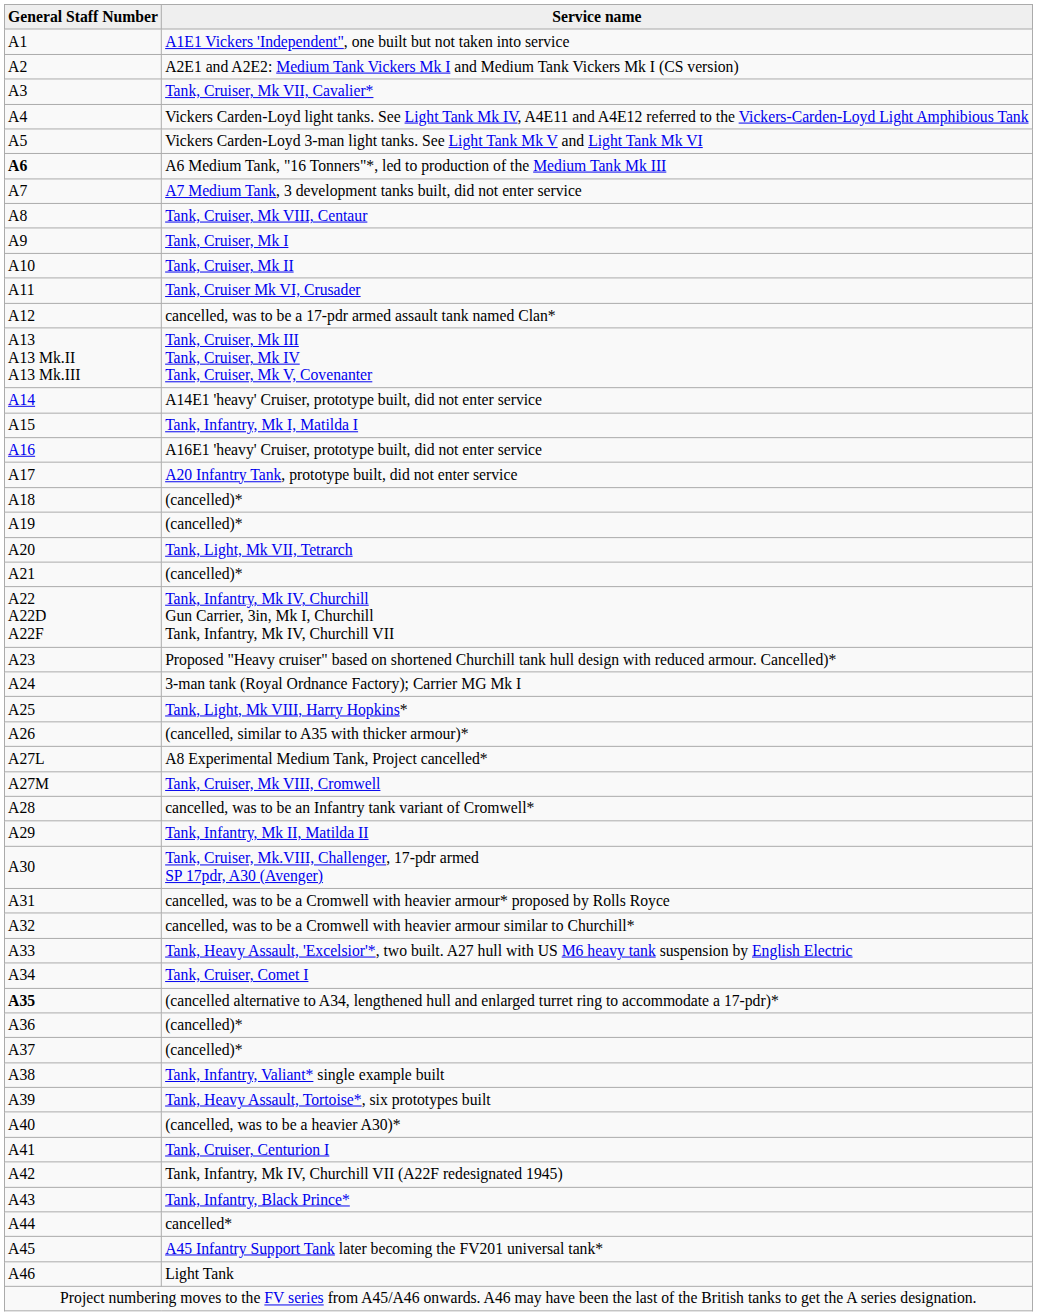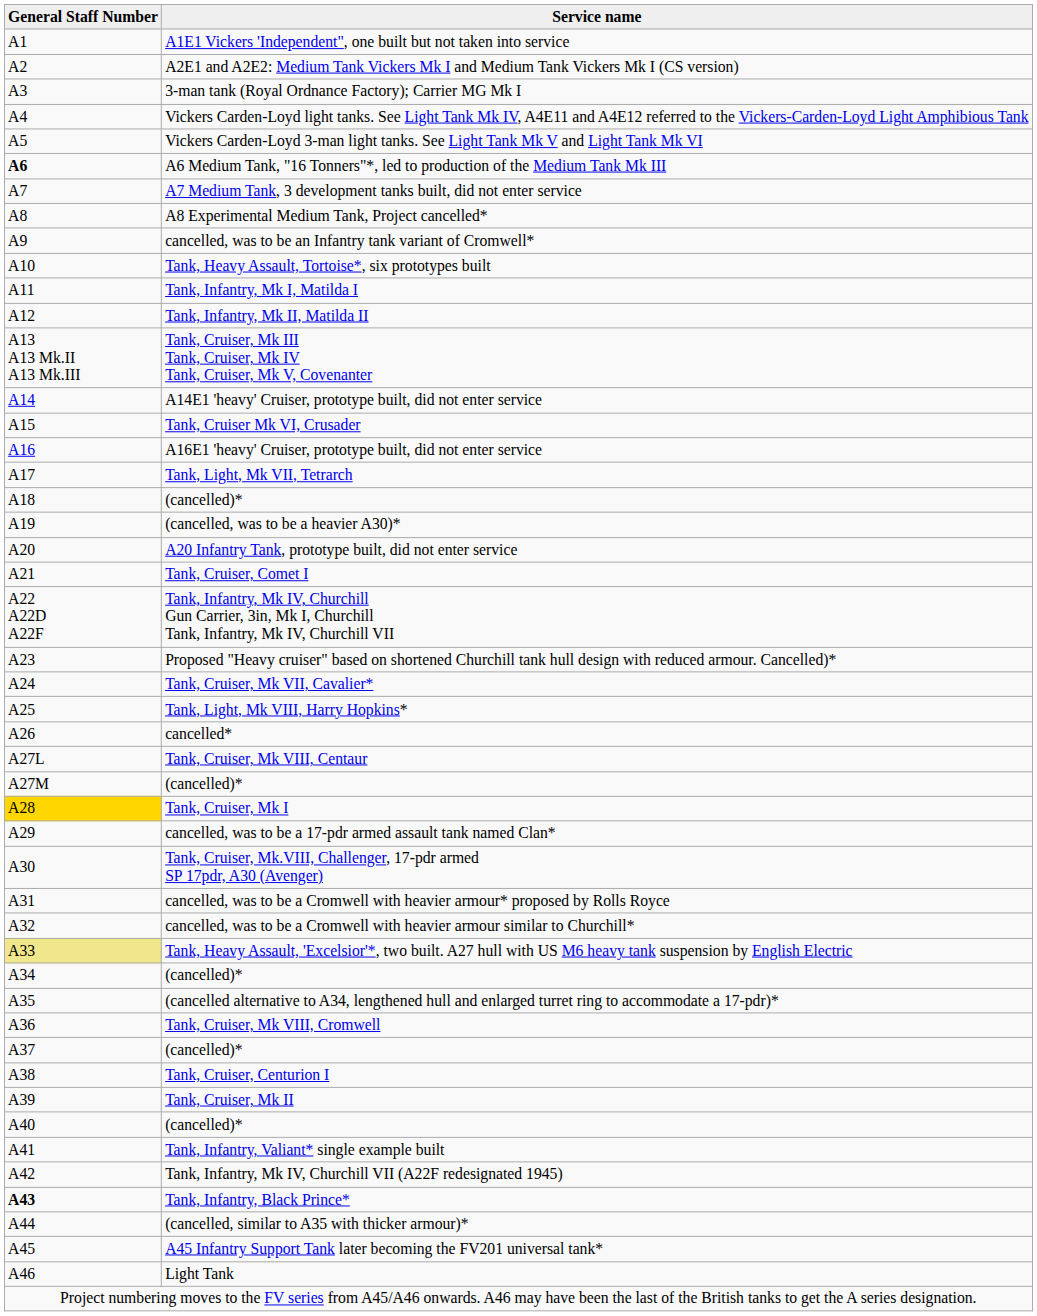 <table class="wikitable">
 <tr>
 <th style="background:#efefef;">General Staff Number</th>
 <th style="background:#efefef;">Service name</th>
 </tr>
 <tr>
 <td>A1</td>
 <td><a href='#'>A1E1 Vickers 'Independent"</a>, one built but not taken into service</td>
 </tr>
 <tr>
 <td>A2</td>
 <td>A2E1 and A2E2: <a href='#'>Medium Tank Vickers Mk I</a> and Medium Tank Vickers Mk I (CS version)</td>
 </tr>
 <tr>
 <td>A3</td>
-<td><a href='#'>Tank, Cruiser, Mk VII, Cavalier*</a></td>
+<td>3-man tank (Royal Ordnance Factory); Carrier MG Mk I</td>
 </tr>
 <tr>
 <td>A4</td>
 <td>Vickers Carden-Loyd light tanks.  See <a href='#'>Light Tank Mk IV</a>, A4E11 and A4E12 referred to the <a href='#'>Vickers-Carden-Loyd Light Amphibious Tank</a></td>
 </tr>
 <tr>
 <td>A5</td>
 <td>Vickers Carden-Loyd 3-man light tanks.  See <a href='#'>Light Tank Mk V</a> and <a href='#'>Light Tank Mk VI</a></td>
 </tr>
 <tr>
 <td><strong>A6</strong></td>
 <td>A6 Medium Tank, "16 Tonners"*, led to production of the <a href='#'>Medium Tank Mk III</a></td>
 </tr>
 <tr>
 <td>A7</td>
 <td><a href='#'>A7 Medium Tank</a>, 3 development tanks built, did not enter service</td>
 </tr>
 <tr>
 <td>A8</td>
-<td><a href='#'>Tank, Cruiser, Mk VIII, Centaur</a></td>
+<td>A8 Experimental Medium Tank, Project cancelled*</td>
 </tr>
 <tr>
 <td>A9</td>
-<td><a href='#'>Tank, Cruiser, Mk I</a></td>
+<td>cancelled, was to be an Infantry tank variant of Cromwell*</td>
 </tr>
 <tr>
 <td>A10</td>
-<td><a href='#'>Tank, Cruiser, Mk II</a></td>
+<td><a href='#'>Tank, Heavy Assault, Tortoise*</a>, six prototypes built</td>
 </tr>
 <tr>
 <td>A11</td>
-<td><a href='#'>Tank, Cruiser Mk VI, Crusader</a></td>
+<td><a href='#'>Tank, Infantry, Mk I, Matilda I</a></td>
 </tr>
 <tr>
 <td>A12</td>
-<td>cancelled, was to be a 17-pdr armed assault tank named Clan*</td>
+<td><a href='#'>Tank, Infantry, Mk II, Matilda II</a></td>
 </tr>
 <tr>
 <td>A13 <br> A13 Mk.II <br> A13 Mk.III</td>
 <td><a href='#'>Tank, Cruiser, Mk III</a> <br> <a href='#'>Tank, Cruiser, Mk IV</a><br><a href='#'>Tank, Cruiser, Mk V, Covenanter</a></td>
 </tr>
 <tr>
 <td><a href='#'>A14</a></td>
 <td>A14E1 'heavy' Cruiser, prototype built, did not enter service</td>
 </tr>
 <tr>
 <td>A15</td>
-<td><a href='#'>Tank, Infantry, Mk I, Matilda I</a></td>
+<td><a href='#'>Tank, Cruiser Mk VI, Crusader</a></td>
 </tr>
 <tr>
 <td><a href='#'>A16</a></td>
 <td>A16E1 'heavy' Cruiser, prototype built, did not enter service</td>
 </tr>
 <tr>
 <td>A17</td>
-<td><a href='#'>A20 Infantry Tank</a>, prototype built, did not enter service</td>
+<td><a href='#'>Tank, Light, Mk VII, Tetrarch</a></td>
 </tr>
 <tr>
 <td>A18</td>
 <td>(cancelled)*</td>
 </tr>
 <tr>
 <td>A19</td>
-<td>(cancelled)*</td>
+<td>(cancelled, was to be a heavier A30)*</td>
 </tr>
 <tr>
 <td>A20</td>
-<td><a href='#'>Tank, Light, Mk VII, Tetrarch</a></td>
+<td><a href='#'>A20 Infantry Tank</a>, prototype built, did not enter service</td>
 </tr>
 <tr>
 <td>A21</td>
-<td>(cancelled)*</td>
+<td><a href='#'>Tank, Cruiser, Comet I</a></td>
 </tr>
 <tr>
 <td>A22<br>A22D<br> A22F</td>
 <td><a href='#'>Tank, Infantry, Mk IV, Churchill</a><br>Gun Carrier, 3in, Mk I, Churchill<br> Tank, Infantry, Mk IV, Churchill VII</td>
 </tr>
 <tr>
 <td>A23</td>
 <td>Proposed "Heavy cruiser" based on shortened Churchill tank hull design with reduced armour.  Cancelled)*</td>
 </tr>
 <tr>
 <td>A24</td>
-<td>3-man tank (Royal Ordnance Factory); Carrier MG Mk I</td>
+<td><a href='#'>Tank, Cruiser, Mk VII, Cavalier*</a></td>
 </tr>
 <tr>
 <td>A25</td>
 <td><a href='#'>Tank, Light, Mk VIII, Harry Hopkins</a>*</td>
 </tr>
 <tr>
 <td>A26</td>
-<td>(cancelled, similar to A35 with thicker armour)*</td>
+<td>cancelled*</td>
 </tr>
 <tr>
 <td>A27L</td>
-<td>A8 Experimental Medium Tank, Project cancelled*</td>
+<td><a href='#'>Tank, Cruiser, Mk VIII, Centaur</a></td>
 </tr>
 <tr>
 <td>A27M</td>
-<td><a href='#'>Tank, Cruiser, Mk VIII, Cromwell</a></td>
+<td>(cancelled)*</td>
 </tr>
 <tr>
-<td>A28</td>
-<td>cancelled, was to be an Infantry tank variant of Cromwell*</td>
+<td style="background: gold;">A28</td>
+<td><a href='#'>Tank, Cruiser, Mk I</a></td>
 </tr>
 <tr>
 <td>A29</td>
-<td><a href='#'>Tank, Infantry, Mk II, Matilda II</a></td>
+<td>cancelled, was to be a 17-pdr armed assault tank named Clan*</td>
 </tr>
 <tr>
 <td>A30</td>
 <td><a href='#'>Tank, Cruiser, Mk.VIII, Challenger</a>, 17-pdr armed <br><a href='#'>SP 17pdr, A30 (Avenger)</a></td>
 </tr>
 <tr>
 <td>A31</td>
 <td>cancelled, was to be a Cromwell with heavier armour* proposed by Rolls Royce</td>
 </tr>
 <tr>
 <td>A32</td>
 <td>cancelled, was to be a Cromwell with heavier armour similar to Churchill*</td>
 </tr>
 <tr>
-<td>A33</td>
+<td style="background: khaki;">A33</td>
 <td><a href='#'>Tank, Heavy Assault, 'Excelsior'*</a>, two built. A27 hull with US <a href='#'>M6 heavy tank</a> suspension by <a href='#'>English Electric</a></td>
 </tr>
 <tr>
 <td>A34</td>
-<td><a href='#'>Tank, Cruiser, Comet I</a></td>
+<td>(cancelled)*</td>
 </tr>
 <tr>
-<td><strong>A35</strong></td>
+<td>A35</td>
 <td>(cancelled alternative to A34, lengthened hull and enlarged turret ring to accommodate a 17-pdr)*</td>
 </tr>
 <tr>
 <td>A36</td>
-<td>(cancelled)*</td>
+<td><a href='#'>Tank, Cruiser, Mk VIII, Cromwell</a></td>
 </tr>
 <tr>
 <td>A37</td>
 <td>(cancelled)*</td>
 </tr>
 <tr>
 <td>A38</td>
-<td><a href='#'>Tank, Infantry, Valiant*</a> single example built</td>
+<td><a href='#'>Tank, Cruiser, Centurion I</a></td>
 </tr>
 <tr>
 <td>A39</td>
-<td><a href='#'>Tank, Heavy Assault, Tortoise*</a>, six prototypes built</td>
+<td><a href='#'>Tank, Cruiser, Mk II</a></td>
 </tr>
 <tr>
 <td>A40</td>
-<td>(cancelled, was to be a heavier A30)*</td>
+<td>(cancelled)*</td>
 </tr>
 <tr>
 <td>A41</td>
-<td><a href='#'>Tank, Cruiser, Centurion I</a></td>
+<td><a href='#'>Tank, Infantry, Valiant*</a> single example built</td>
 </tr>
 <tr>
 <td>A42</td>
 <td>Tank, Infantry, Mk IV, Churchill VII (A22F redesignated 1945)</td>
 </tr>
 <tr>
-<td>A43</td>
+<td><strong>A43</strong></td>
 <td><a href='#'>Tank, Infantry, Black Prince*</a></td>
 </tr>
 <tr>
 <td>A44</td>
-<td>cancelled*</td>
+<td>(cancelled, similar to A35 with thicker armour)*</td>
 </tr>
 <tr>
 <td>A45</td>
 <td><a href='#'>A45 Infantry Support Tank</a> later becoming the FV201 universal tank*</td>
 </tr>
 <tr>
 <td>A46</td>
 <td>Light Tank</td>
 </tr>
 <tr>
 <td colspan="2" style="text-align: center;">Project numbering moves to the <a href='#'>FV series</a> from A45/A46 onwards. A46 may have been the last of the British tanks to get the A series designation.</td>
 </tr>
 </table>
